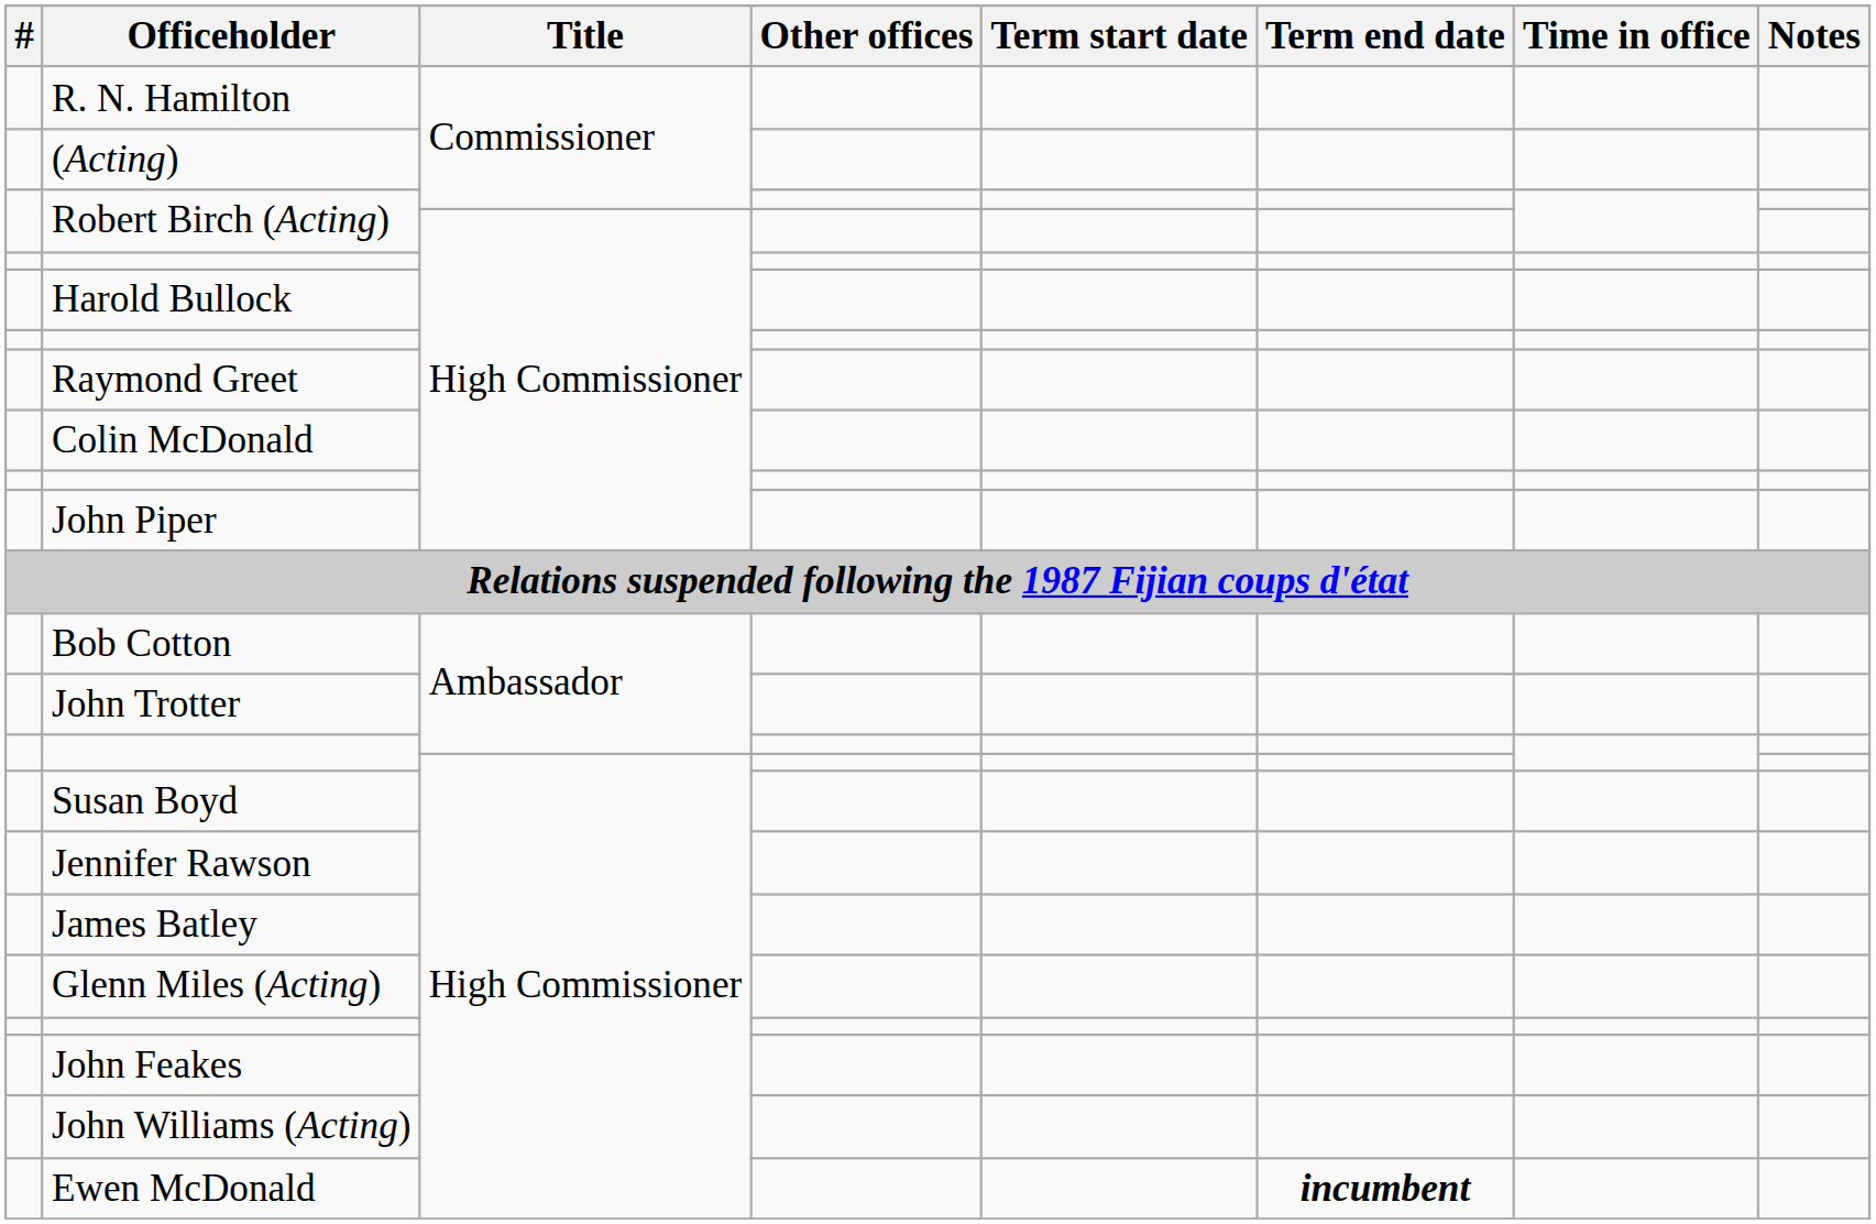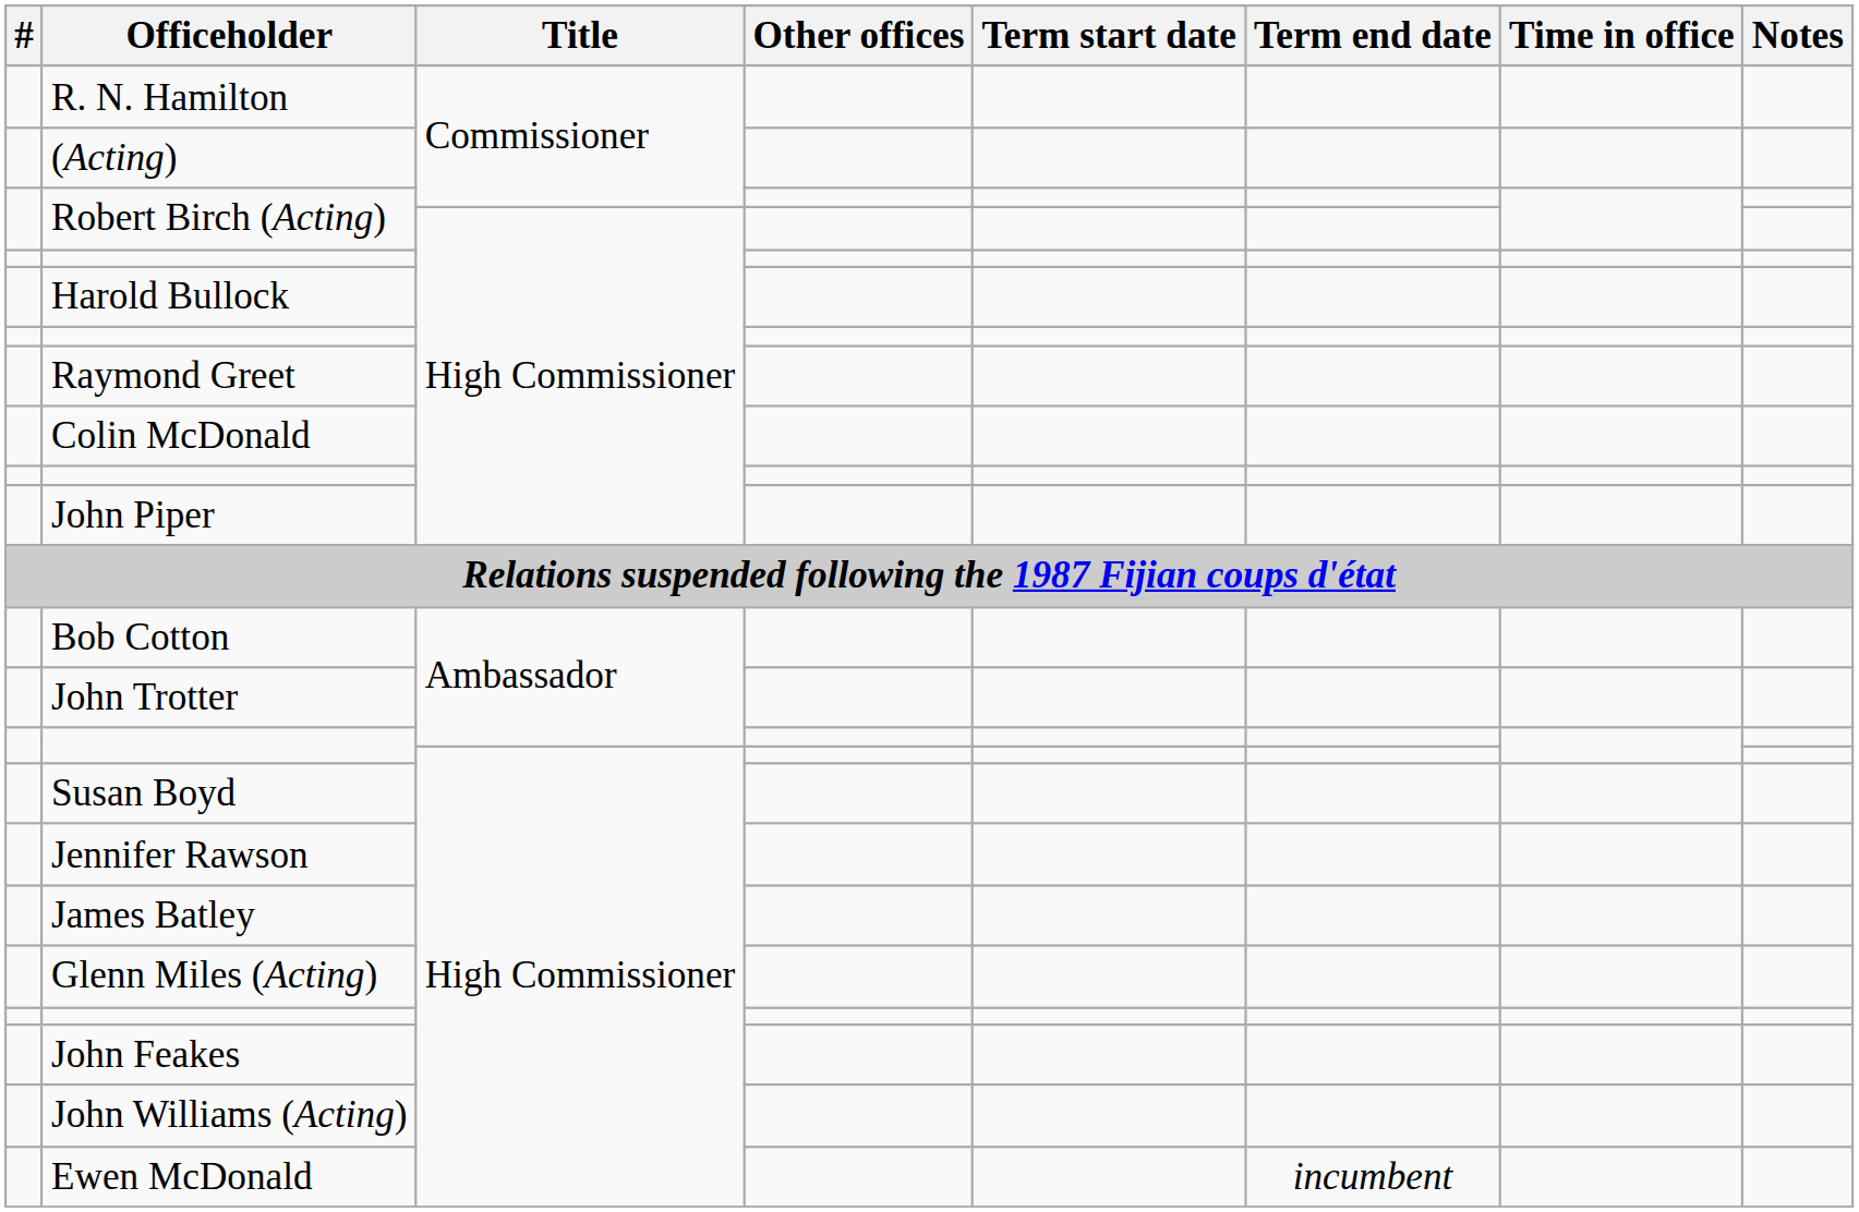 <table class='wikitable sortable'>
 <tr>
 <th>#</th>
 <th>Officeholder</th>
 <th>Title</th>
 <th>Other offices</th>
 <th>Term start date</th>
 <th>Term end date</th>
 <th>Time in office</th>
 <th>Notes</th>
 </tr>
 <tr>
 <td align=center></td>
 <td>R. N. Hamilton</td>
 <td rowspan=3>Commissioner</td>
 <td></td>
 <td align=center></td>
 <td align=center></td>
 <td align=right></td>
 <td></td>
 </tr>
 <tr>
 <td align=center></td>
 <td> (<em>Acting</em>)</td>
 <td></td>
 <td align=center></td>
 <td align=center></td>
 <td align=right></td>
 <td></td>
 </tr>
 <tr>
 <td rowspan=2 align=center></td>
 <td rowspan=2>Robert Birch (<em>Acting</em>)</td>
 <td></td>
 <td align=center></td>
 <td align=center></td>
 <td rowspan=2 align=right></td>
 <td></td>
 </tr>
 <tr>
 <td rowspan=8>High Commissioner</td>
 <td></td>
 <td align=center></td>
 <td align=center></td>
 <td></td>
 </tr>
 <tr>
 <td align=center></td>
 <td></td>
 <td></td>
 <td align=center></td>
 <td align=center></td>
 <td align=right></td>
 <td></td>
 </tr>
 <tr>
 <td align=center></td>
 <td>Harold Bullock</td>
 <td></td>
 <td align=center></td>
 <td align=center></td>
 <td align=right></td>
 <td></td>
 </tr>
 <tr>
 <td align=center></td>
 <td></td>
 <td></td>
 <td align=center></td>
 <td align=center></td>
 <td align=right></td>
 <td></td>
 </tr>
 <tr>
 <td align=center></td>
 <td>Raymond Greet</td>
 <td></td>
 <td align=center></td>
 <td align=center></td>
 <td align=right></td>
 <td></td>
 </tr>
 <tr>
 <td align=center></td>
 <td>Colin McDonald</td>
 <td></td>
 <td align=center></td>
 <td align=center></td>
 <td align=right></td>
 <td></td>
 </tr>
 <tr>
 <td align=center></td>
 <td></td>
 <td></td>
 <td align=center></td>
 <td align=center></td>
 <td align=right></td>
 <td></td>
 </tr>
 <tr>
 <td align=center></td>
 <td>John Piper</td>
 <td></td>
 <td align=center></td>
 <td align=center></td>
 <td align=right></td>
 <td></td>
 </tr>
 <tr>
 <th colspan=8 style="background: #cccccc;"><em>Relations suspended following the <a href='#'>1987 Fijian coups d'état</a></em></th>
 </tr>
 <tr>
 <td align=center></td>
 <td>Bob Cotton</td>
 <td rowspan=3>Ambassador</td>
 <td></td>
 <td align=center></td>
 <td align=center></td>
 <td align=right></td>
 <td></td>
 </tr>
 <tr>
 <td align=center></td>
 <td>John Trotter</td>
 <td></td>
 <td align=center></td>
 <td align=center></td>
 <td align=right></td>
 <td></td>
 </tr>
 <tr>
 <td rowspan=2 align=center></td>
 <td rowspan=2></td>
 <td></td>
 <td align=center></td>
 <td align=center></td>
 <td rowspan=2 align=right></td>
 <td></td>
 </tr>
 <tr>
 <td rowspan=9>High Commissioner</td>
 <td></td>
 <td align=center></td>
 <td align=center></td>
 <td></td>
 </tr>
 <tr>
 <td align=center></td>
 <td>Susan Boyd</td>
 <td></td>
 <td align=center></td>
 <td align=center></td>
 <td align=right></td>
 <td></td>
 </tr>
 <tr>
 <td align=center></td>
 <td>Jennifer Rawson</td>
 <td></td>
 <td align=center></td>
 <td align=center></td>
 <td align=right></td>
 <td></td>
 </tr>
 <tr>
 <td align=center></td>
 <td>James Batley</td>
 <td></td>
 <td align=center></td>
 <td align=center></td>
 <td align=right></td>
 <td></td>
 </tr>
 <tr>
 <td align=center></td>
 <td>Glenn Miles (<em>Acting</em>)</td>
 <td></td>
 <td align=center></td>
 <td align=center></td>
 <td align=right></td>
 <td></td>
 </tr>
 <tr>
 <td align=center></td>
 <td></td>
 <td></td>
 <td align=center></td>
 <td align=center></td>
 <td align=right></td>
 <td></td>
 </tr>
 <tr>
 <td align=center></td>
 <td>John Feakes</td>
 <td></td>
 <td align=center></td>
 <td align=center></td>
 <td align=right><strong></strong></td>
 <td></td>
 </tr>
 <tr>
 <td align=center></td>
 <td>John Williams (<em>Acting</em>)</td>
 <td></td>
 <td align=center></td>
 <td align=center></td>
 <td align=right></td>
 <td></td>
 </tr>
 <tr>
 <td align=center></td>
 <td>Ewen McDonald</td>
 <td></td>
 <td align=center></td>
-<td align=center><strong><em>incumbent</em></strong></td>
+<td align=center><em>incumbent</em></td>
 <td align=right></td>
 <td></td>
 </tr>
 </table>
